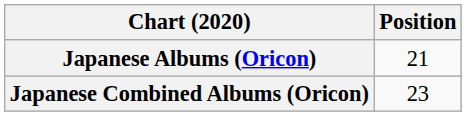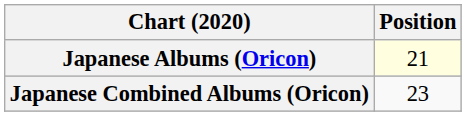 <table class="wikitable plainrowheaders" style="text-align:center">
 <tr>
 <th scope="col">Chart (2020)</th>
 <th scope="col">Position</th>
 </tr>
 <tr>
 <th scope="row">Japanese Albums (<a href='#'>Oricon</a>)</th>
-<td>21</td>
+<td style="background: lightyellow;">21</td>
 </tr>
 <tr>
 <th scope="row">Japanese Combined Albums (Oricon)</th>
 <td>23</td>
 </tr>
 </table>
